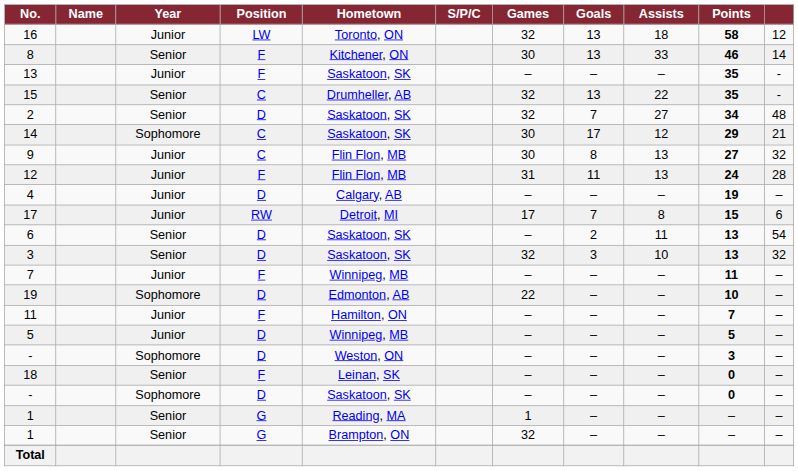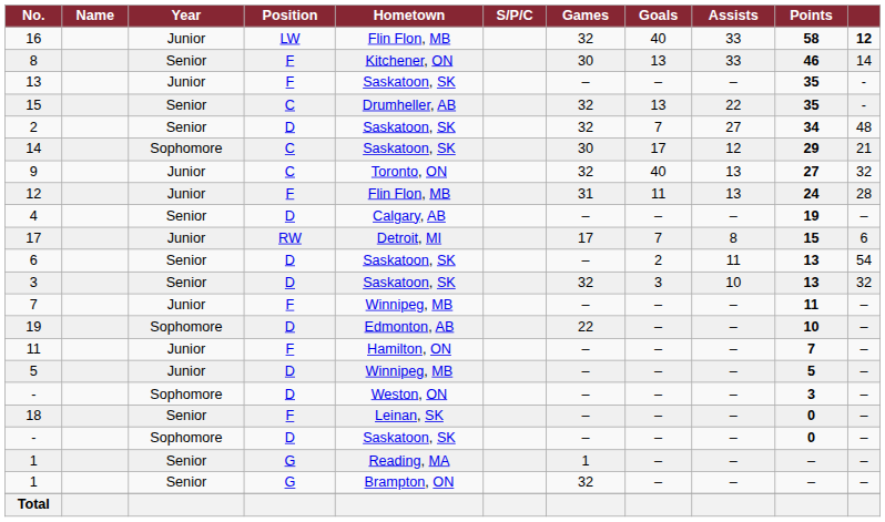 <table class="wikitable sortable" width ="1000">
 <tr align="center">
 <th style="color:white; background:#862633; ">No.</th>
 <th style="color:white; background:#862633; ">Name</th>
 <th style="color:white; background:#862633; ">Year</th>
 <th style="color:white; background:#862633; ">Position</th>
 <th style="color:white; background:#862633; ">Hometown</th>
 <th style="color:white; background:#862633; ">S/P/C</th>
 <th style="color:white; background:#862633; ">Games</th>
 <th style="color:white; background:#862633; ">Goals</th>
 <th style="color:white; background:#862633; ">Assists</th>
 <th style="color:white; background:#862633; ">Points</th>
 <th style="color:white; background:#862633; "><a href='#'></a></th>
 </tr>
 <tr align="center">
 <td>16</td>
 <td></td>
 <td>Junior</td>
 <td><a href='#'>LW</a></td>
-<td><a href='#'>Toronto</a>, <a href='#'>ON</a></td>
+<td><a href='#'>Flin Flon</a>, <a href='#'>MB</a></td>
 <td></td>
 <td>32</td>
-<td>13</td>
-<td>18</td>
+<td>40</td>
+<td>33</td>
 <td><strong>58</strong></td>
-<td>12</td>
+<td><strong>12</strong></td>
 </tr>
 <tr align="center" bgcolor="#f0f0f0">
 <td>8</td>
 <td></td>
 <td>Senior</td>
 <td><a href='#'>F</a></td>
 <td><a href='#'>Kitchener</a>, <a href='#'>ON</a></td>
 <td></td>
 <td>30</td>
 <td>13</td>
 <td>33</td>
 <td><strong>46</strong></td>
 <td>14</td>
 </tr>
 <tr align="center">
 <td>13</td>
 <td></td>
 <td>Junior</td>
 <td><a href='#'>F</a></td>
 <td><a href='#'>Saskatoon</a>, <a href='#'>SK</a></td>
 <td></td>
 <td>–</td>
 <td>–</td>
 <td>–</td>
 <td><strong>35</strong></td>
 <td>-</td>
 </tr>
 <tr align="center" bgcolor="#f0f0f0">
 <td>15</td>
 <td></td>
 <td>Senior</td>
 <td><a href='#'>C</a></td>
 <td><a href='#'>Drumheller</a>, <a href='#'>AB</a></td>
 <td></td>
 <td>32</td>
 <td>13</td>
 <td>22</td>
 <td><strong>35</strong></td>
 <td>-</td>
 </tr>
 <tr align="center">
 <td>2</td>
 <td></td>
 <td>Senior</td>
 <td><a href='#'>D</a></td>
 <td><a href='#'>Saskatoon</a>, <a href='#'>SK</a></td>
 <td></td>
 <td>32</td>
 <td>7</td>
 <td>27</td>
 <td><strong>34</strong></td>
 <td>48</td>
 </tr>
 <tr align="center" bgcolor="#f0f0f0">
 <td>14</td>
 <td></td>
 <td>Sophomore</td>
 <td><a href='#'>C</a></td>
 <td><a href='#'>Saskatoon</a>, <a href='#'>SK</a></td>
 <td></td>
 <td>30</td>
 <td>17</td>
 <td>12</td>
 <td><strong>29</strong></td>
 <td>21</td>
 </tr>
 <tr align="center">
 <td>9</td>
 <td></td>
 <td>Junior</td>
 <td><a href='#'>C</a></td>
-<td><a href='#'>Flin Flon</a>, <a href='#'>MB</a></td>
+<td><a href='#'>Toronto</a>, <a href='#'>ON</a></td>
 <td></td>
-<td>30</td>
-<td>8</td>
+<td>32</td>
+<td>40</td>
 <td>13</td>
 <td><strong>27</strong></td>
 <td>32</td>
 </tr>
 <tr align="center" bgcolor="#f0f0f0">
 <td>12</td>
 <td></td>
 <td>Junior</td>
 <td><a href='#'>F</a></td>
 <td><a href='#'>Flin Flon</a>, <a href='#'>MB</a></td>
 <td></td>
 <td>31</td>
 <td>11</td>
 <td>13</td>
 <td><strong>24</strong></td>
 <td>28</td>
 </tr>
 <tr align="center">
 <td>4</td>
 <td></td>
-<td>Junior</td>
+<td>Senior</td>
 <td><a href='#'>D</a></td>
 <td><a href='#'>Calgary</a>, <a href='#'>AB</a></td>
 <td></td>
 <td>–</td>
 <td>–</td>
 <td>–</td>
 <td><strong>19</strong></td>
 <td>–</td>
 </tr>
 <tr align="center" bgcolor="#f0f0f0">
 <td>17</td>
 <td></td>
 <td>Junior</td>
 <td><a href='#'>RW</a></td>
 <td><a href='#'>Detroit</a>, <a href='#'>MI</a></td>
 <td></td>
 <td>17</td>
 <td>7</td>
 <td>8</td>
 <td><strong>15</strong></td>
 <td>6</td>
 </tr>
 <tr align="center">
 <td>6</td>
 <td></td>
 <td>Senior</td>
 <td><a href='#'>D</a></td>
 <td><a href='#'>Saskatoon</a>, <a href='#'>SK</a></td>
 <td></td>
 <td>–</td>
 <td>2</td>
 <td>11</td>
 <td><strong>13</strong></td>
 <td>54</td>
 </tr>
 <tr align="center" bgcolor="#f0f0f0">
 <td>3</td>
 <td></td>
 <td>Senior</td>
 <td><a href='#'>D</a></td>
 <td><a href='#'>Saskatoon</a>, <a href='#'>SK</a></td>
 <td></td>
 <td>32</td>
 <td>3</td>
 <td>10</td>
 <td><strong>13</strong></td>
 <td>32</td>
 </tr>
 <tr align="center">
 <td>7</td>
 <td></td>
 <td>Junior</td>
 <td><a href='#'>F</a></td>
 <td><a href='#'>Winnipeg</a>, <a href='#'>MB</a></td>
 <td></td>
 <td>–</td>
 <td>–</td>
 <td>–</td>
 <td><strong>11</strong></td>
 <td>–</td>
 </tr>
 <tr align="center" bgcolor="#f0f0f0">
 <td>19</td>
 <td></td>
 <td>Sophomore</td>
 <td><a href='#'>D</a></td>
 <td><a href='#'>Edmonton</a>, <a href='#'>AB</a></td>
 <td></td>
 <td>22</td>
 <td>–</td>
 <td>–</td>
 <td><strong>10</strong></td>
 <td>–</td>
 </tr>
 <tr align="center">
 <td>11</td>
 <td></td>
 <td>Junior</td>
 <td><a href='#'>F</a></td>
 <td><a href='#'>Hamilton</a>, <a href='#'>ON</a></td>
 <td></td>
 <td>–</td>
 <td>–</td>
 <td>–</td>
 <td><strong>7</strong></td>
 <td>–</td>
 </tr>
 <tr align="center" bgcolor="#f0f0f0">
 <td>5</td>
 <td></td>
 <td>Junior</td>
 <td><a href='#'>D</a></td>
 <td><a href='#'>Winnipeg</a>, <a href='#'>MB</a></td>
 <td></td>
 <td>–</td>
 <td>–</td>
 <td>–</td>
 <td><strong>5</strong></td>
 <td>–</td>
 </tr>
 <tr align="center">
 <td>-</td>
 <td></td>
 <td>Sophomore</td>
 <td><a href='#'>D</a></td>
 <td><a href='#'>Weston</a>, <a href='#'>ON</a></td>
 <td></td>
 <td>–</td>
 <td>–</td>
 <td>–</td>
 <td><strong>3</strong></td>
 <td>–</td>
 </tr>
 <tr align="center" bgcolor="#f0f0f0">
 <td>18</td>
 <td></td>
 <td>Senior</td>
 <td><a href='#'>F</a></td>
 <td><a href='#'>Leinan</a>, <a href='#'>SK</a></td>
 <td></td>
 <td>–</td>
 <td>–</td>
 <td>–</td>
 <td><strong>0</strong></td>
 <td>–</td>
 </tr>
 <tr align="center">
 <td>-</td>
 <td></td>
 <td>Sophomore</td>
 <td><a href='#'>D</a></td>
 <td><a href='#'>Saskatoon</a>, <a href='#'>SK</a></td>
 <td></td>
 <td>–</td>
 <td>–</td>
 <td>–</td>
 <td><strong>0</strong></td>
 <td>–</td>
 </tr>
 <tr align="center" bgcolor="#f0f0f0">
 <td>1</td>
 <td></td>
 <td>Senior</td>
 <td><a href='#'>G</a></td>
 <td><a href='#'>Reading</a>, <a href='#'>MA</a></td>
 <td></td>
 <td>1</td>
 <td>–</td>
 <td>–</td>
 <td>–</td>
 <td>–</td>
 </tr>
 <tr align="center">
 <td>1</td>
 <td></td>
 <td>Senior</td>
 <td><a href='#'>G</a></td>
 <td><a href='#'>Brampton</a>, <a href='#'>ON</a></td>
 <td></td>
 <td>32</td>
 <td>–</td>
 <td>–</td>
 <td>–</td>
 <td>–</td>
 </tr>
 <tr align="center">
 </tr>
 <tr>
 <th>Total</th>
 <th></th>
 <th></th>
 <th></th>
 <th></th>
 <th></th>
 <th></th>
 <th></th>
 <th></th>
 <th></th>
 <th></th>
 </tr>
 </table>
